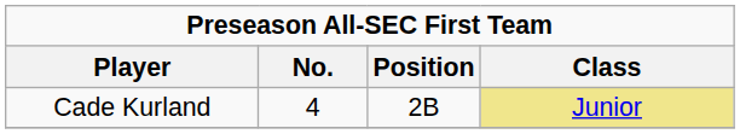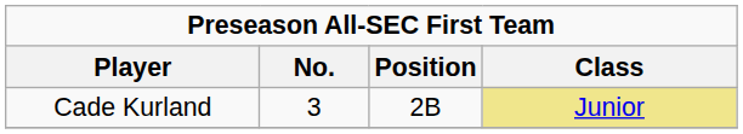 <table class="wikitable" style="text-align:center">
 <tr>
 <td colspan="5"><strong>Preseason All-SEC First Team</strong></td>
 </tr>
 <tr>
 <th style="width:150px; ">Player</th>
 <th style="width:60px; ">No.</th>
 <th style="width:60px; ">Position</th>
 <th style="width:150px; ">Class</th>
 </tr>
 <tr>
 <td>Cade Kurland</td>
-<td>4</td>
+<td>3</td>
 <td>2B</td>
 <td style="background: khaki;"><a href='#'>Junior</a></td>
 </tr>
 <tr>
 </tr>
 </table>
